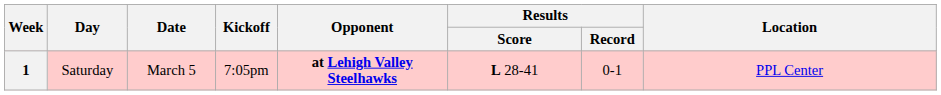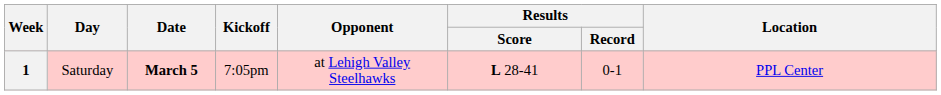 <table class="wikitable">
 <tr>
 <th rowspan="2" width="40">Week</th>
 <th rowspan="2" width="80">Day</th>
 <th rowspan="2" width="90">Date</th>
 <th rowspan="2" width="60">Kickoff</th>
 <th rowspan="2" width="180">Opponent</th>
 <th colspan="2" width="200">Results</th>
 <th rowspan="2" width="315">Location</th>
 </tr>
 <tr>
 <th width="140">Score</th>
 <th width="60">Record</th>
 </tr>
 <tr align="center" bgcolor="#FFCCCC">
 <th>1</th>
 <td>Saturday</td>
-<td>March 5</td>
+<td><strong>March 5</strong></td>
 <td>7:05pm</td>
-<td><strong>at <a href='#'>Lehigh Valley Steelhawks</a></strong></td>
+<td>at <a href='#'>Lehigh Valley Steelhawks</a></td>
 <td><strong>L</strong> 28-41</td>
 <td>0-1</td>
 <td><a href='#'>PPL Center</a></td>
 </tr>
 </table>
